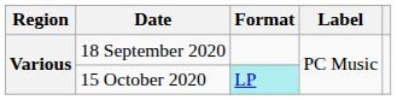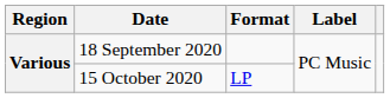 <table class="wikitable plainrowheaders">
 <tr>
 <th scope="col">Region</th>
 <th scope="col">Date</th>
 <th scope="col">Format</th>
 <th scope="col">Label</th>
 <th scope="col"></th>
 </tr>
 <tr>
 <th scope="row" rowspan="2">Various</th>
 <td>18 September 2020</td>
 <td></td>
 <td rowspan="2">PC Music</td>
 <td rowspan="2"></td>
 </tr>
 <tr>
 <td>15 October 2020</td>
-<td style="background: paleturquoise;"><a href='#'>LP</a></td>
+<td><a href='#'>LP</a></td>
 </tr>
 </table>
